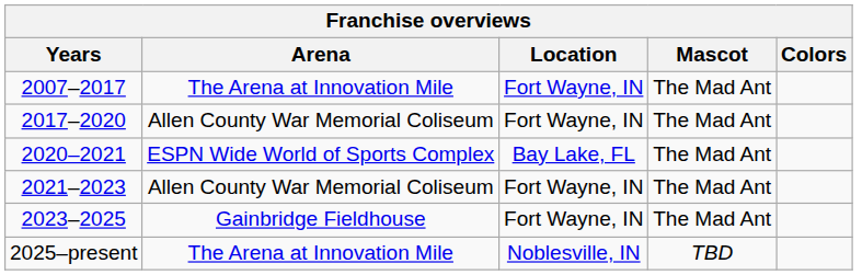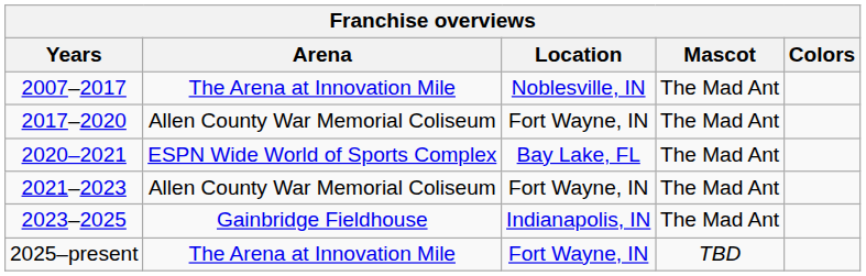 <table class="wikitable sortable" style="text-align:center">
 <tr>
 <th colspan="5">Franchise overviews</th>
 </tr>
 <tr>
 <th>Years</th>
 <th>Arena</th>
 <th>Location</th>
 <th>Mascot</th>
 <th>Colors</th>
 </tr>
 <tr>
 <td><a href='#'>2007</a>–<a href='#'>2017</a></td>
 <td><a href='#'>The Arena at Innovation Mile</a></td>
-<td><a href='#'>Fort Wayne, IN</a></td>
+<td><a href='#'>Noblesville, IN</a></td>
 <td>The Mad Ant</td>
 <td>   </td>
 </tr>
 <tr>
 <td><a href='#'>2017</a>–<a href='#'>2020</a></td>
 <td>Allen County War Memorial Coliseum</td>
 <td>Fort Wayne, IN</td>
 <td>The Mad Ant</td>
 <td>   </td>
 </tr>
 <tr>
 <td><a href='#'>2020–2021</a></td>
 <td><a href='#'>ESPN Wide World of Sports Complex</a></td>
 <td><a href='#'>Bay Lake, FL</a></td>
 <td>The Mad Ant</td>
 <td>   </td>
 </tr>
 <tr>
 <td><a href='#'>2021</a>–<a href='#'>2023</a></td>
 <td>Allen County War Memorial Coliseum</td>
 <td>Fort Wayne, IN</td>
 <td>The Mad Ant</td>
 <td>   </td>
 </tr>
 <tr>
 <td><a href='#'>2023</a>–<a href='#'>2025</a></td>
 <td><a href='#'>Gainbridge Fieldhouse</a></td>
-<td>Fort Wayne, IN</td>
+<td><a href='#'>Indianapolis, IN</a></td>
 <td>The Mad Ant</td>
 <td>   </td>
 </tr>
 <tr>
 <td>2025–present</td>
 <td><a href='#'>The Arena at Innovation Mile</a></td>
-<td><a href='#'>Noblesville, IN</a></td>
+<td><a href='#'>Fort Wayne, IN</a></td>
 <td><em>TBD</em></td>
 <td>   </td>
 </tr>
 </table>
